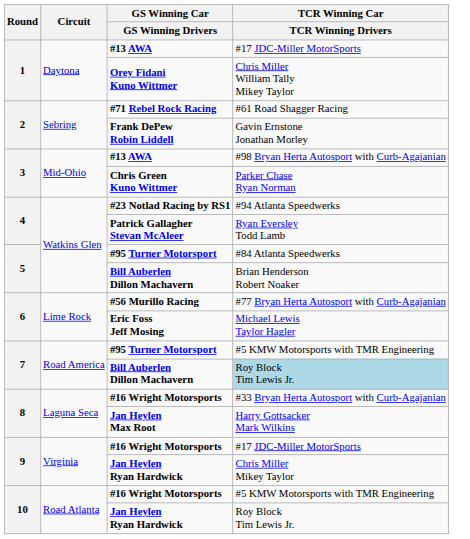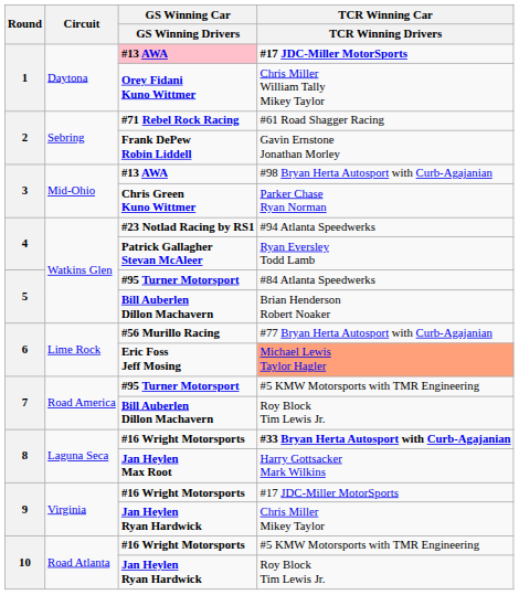 <table class="wikitable" style="font-size:85%;">
 <tr>
 <th rowspan=2>Round</th>
 <th rowspan=2>Circuit</th>
 <th>GS Winning Car</th>
 <th>TCR Winning Car</th>
 </tr>
 <tr>
 <th>GS Winning Drivers</th>
 <th>TCR Winning Drivers</th>
 </tr>
 <tr>
 <th rowspan=2>1</th>
 <td rowspan=2><a href='#'>Daytona</a></td>
-<td><strong> #13 <a href='#'>AWA</a></strong></td>
-<td> #17 <a href='#'>JDC-Miller MotorSports</a></td>
+<td style="background: pink;"><strong> #13 <a href='#'>AWA</a></strong></td>
+<td><strong> #17 <a href='#'>JDC-Miller MotorSports</a></strong></td>
 </tr>
 <tr>
 <td><strong> <a href='#'>Orey Fidani</a><br> <a href='#'>Kuno Wittmer</a></strong></td>
 <td> <a href='#'>Chris Miller</a><br> William Tally<br> Mikey Taylor</td>
 </tr>
 <tr>
 <th rowspan=2>2</th>
 <td rowspan=2><a href='#'>Sebring</a></td>
 <td><strong> #71 <a href='#'>Rebel Rock Racing</a></strong></td>
 <td> #61 Road Shagger Racing</td>
 </tr>
 <tr>
 <td><strong> Frank DePew<br> <a href='#'>Robin Liddell</a></strong></td>
 <td> Gavin Ernstone<br> Jonathan Morley</td>
 </tr>
 <tr>
 <th rowspan=2>3</th>
 <td rowspan=2><a href='#'>Mid-Ohio</a></td>
 <td><strong> #13 <a href='#'>AWA</a></strong></td>
 <td> #98 <a href='#'>Bryan Herta Autosport</a> with <a href='#'>Curb-Agajanian</a></td>
 </tr>
 <tr>
 <td><strong> Chris Green<br> <a href='#'>Kuno Wittmer</a></strong></td>
 <td> <a href='#'>Parker Chase</a><br> <a href='#'>Ryan Norman</a></td>
 </tr>
 <tr>
 <th rowspan=2>4</th>
 <td rowspan="4"><a href='#'>Watkins Glen</a></td>
 <td><strong> #23 Notlad Racing by RS1</strong></td>
 <td> #94 Atlanta Speedwerks</td>
 </tr>
 <tr>
 <td><strong> Patrick Gallagher<br> <a href='#'>Stevan McAleer</a></strong></td>
 <td> <a href='#'>Ryan Eversley</a><br> Todd Lamb</td>
 </tr>
 <tr>
 <th rowspan=2>5</th>
 <td><strong> #95 <a href='#'>Turner Motorsport</a></strong></td>
 <td> #84 Atlanta Speedwerks</td>
 </tr>
 <tr>
 <td><strong> <a href='#'>Bill Auberlen</a><br> Dillon Machavern</strong></td>
 <td> Brian Henderson<br> Robert Noaker</td>
 </tr>
 <tr>
 <th rowspan=2>6</th>
 <td rowspan=2><a href='#'>Lime Rock</a></td>
 <td><strong> #56 Murillo Racing</strong></td>
 <td> #77 <a href='#'>Bryan Herta Autosport</a> with <a href='#'>Curb-Agajanian</a></td>
 </tr>
 <tr>
 <td><strong> Eric Foss<br> Jeff Mosing</strong></td>
-<td> <a href='#'>Michael Lewis</a><br> <a href='#'>Taylor Hagler</a></td>
+<td style="background: lightsalmon;"> <a href='#'>Michael Lewis</a><br> <a href='#'>Taylor Hagler</a></td>
 </tr>
 <tr>
 <th rowspan=2>7</th>
 <td rowspan=2><a href='#'>Road America</a></td>
 <td><strong> #95 <a href='#'>Turner Motorsport</a></strong></td>
 <td> #5 KMW Motorsports with TMR Engineering</td>
 </tr>
 <tr>
 <td><strong> <a href='#'>Bill Auberlen</a><br> Dillon Machavern</strong></td>
-<td style="background: lightblue;"> Roy Block<br> Tim Lewis Jr.</td>
+<td> Roy Block<br> Tim Lewis Jr.</td>
 </tr>
 <tr>
 <th rowspan=2>8</th>
 <td rowspan=2><a href='#'>Laguna Seca</a></td>
 <td><strong> #16 Wright Motorsports</strong></td>
-<td> #33 <a href='#'>Bryan Herta Autosport</a> with <a href='#'>Curb-Agajanian</a></td>
+<td><strong> #33 <a href='#'>Bryan Herta Autosport</a> with <a href='#'>Curb-Agajanian</a></strong></td>
 </tr>
 <tr>
 <td><strong> <a href='#'>Jan Heylen</a><br> Max Root</strong></td>
 <td> <a href='#'>Harry Gottsacker</a><br> <a href='#'>Mark Wilkins</a></td>
 </tr>
 <tr>
 <th rowspan=2>9</th>
 <td rowspan=2><a href='#'>Virginia</a></td>
 <td><strong> #16 Wright Motorsports</strong></td>
 <td> #17 <a href='#'>JDC-Miller MotorSports</a></td>
 </tr>
 <tr>
 <td><strong> <a href='#'>Jan Heylen</a><br> Ryan Hardwick</strong></td>
 <td> <a href='#'>Chris Miller</a><br> Mikey Taylor</td>
 </tr>
 <tr>
 <th rowspan=2>10</th>
 <td rowspan=2><a href='#'>Road Atlanta</a></td>
 <td><strong> #16 Wright Motorsports</strong></td>
 <td> #5 KMW Motorsports with TMR Engineering</td>
 </tr>
 <tr>
 <td><strong> <a href='#'>Jan Heylen</a><br> Ryan Hardwick</strong></td>
 <td> Roy Block<br> Tim Lewis Jr.</td>
 </tr>
 </table>
